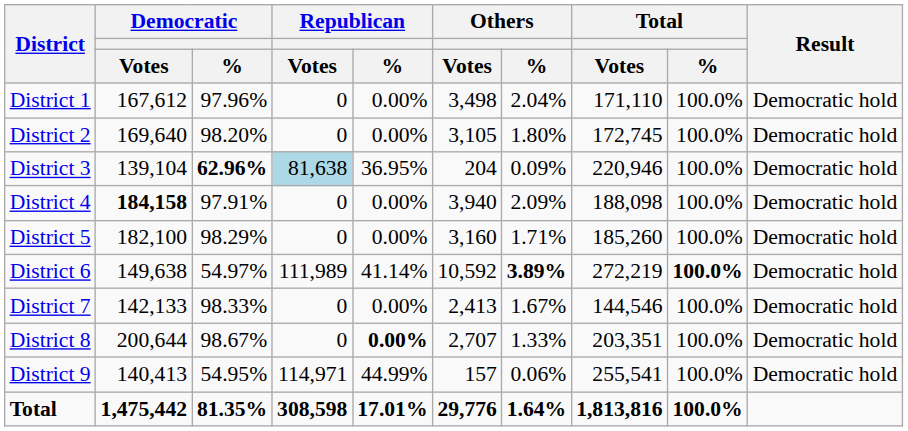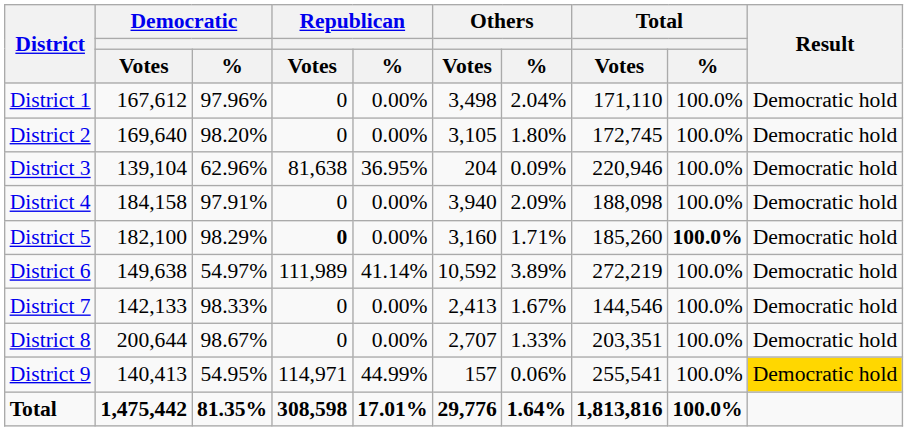 <table class="wikitable plainrowheaders sortable" style="font-size:100%; text-align:right;">
 <tr>
 <th scope=col rowspan=3><a href='#'>District</a></th>
 <th scope=col colspan=2><a href='#'>Democratic</a></th>
 <th scope=col colspan=2><a href='#'>Republican</a></th>
 <th scope=col colspan=2>Others</th>
 <th scope=col colspan=2>Total</th>
 <th scope=col rowspan=3>Result</th>
 </tr>
 <tr>
 <th scope=col colspan=2 style="background:"></th>
 <th scope=col colspan=2 style="background:"></th>
 <th scope=col colspan=2></th>
 <th scope=col colspan=2></th>
 </tr>
 <tr>
 <th scope=col data-sort-type="number">Votes</th>
 <th scope=col data-sort-type="number">%</th>
 <th scope=col data-sort-type="number">Votes</th>
 <th scope=col data-sort-type="number">%</th>
 <th scope=col data-sort-type="number">Votes</th>
 <th scope=col data-sort-type="number">%</th>
 <th scope=col data-sort-type="number">Votes</th>
 <th scope=col data-sort-type="number">%</th>
 </tr>
 <tr>
 <td align=left><a href='#'>District 1</a></td>
 <td>167,612</td>
 <td>97.96%</td>
 <td>0</td>
 <td>0.00%</td>
 <td>3,498</td>
 <td>2.04%</td>
 <td>171,110</td>
 <td>100.0%</td>
 <td align=left>Democratic hold</td>
 </tr>
 <tr>
 <td align=left><a href='#'>District 2</a></td>
 <td>169,640</td>
 <td>98.20%</td>
 <td>0</td>
 <td>0.00%</td>
 <td>3,105</td>
 <td>1.80%</td>
 <td>172,745</td>
 <td>100.0%</td>
 <td align=left>Democratic hold</td>
 </tr>
 <tr>
 <td align=left><a href='#'>District 3</a></td>
 <td>139,104</td>
-<td><strong>62.96%</strong></td>
-<td style="background: lightblue;">81,638</td>
+<td>62.96%</td>
+<td>81,638</td>
 <td>36.95%</td>
 <td>204</td>
 <td>0.09%</td>
 <td>220,946</td>
 <td>100.0%</td>
 <td align=left>Democratic hold</td>
 </tr>
 <tr>
 <td align=left><a href='#'>District 4</a></td>
-<td><strong>184,158</strong></td>
+<td>184,158</td>
 <td>97.91%</td>
 <td>0</td>
 <td>0.00%</td>
 <td>3,940</td>
 <td>2.09%</td>
 <td>188,098</td>
 <td>100.0%</td>
 <td align=left>Democratic hold</td>
 </tr>
 <tr>
 <td align=left><a href='#'>District 5</a></td>
 <td>182,100</td>
 <td>98.29%</td>
-<td>0</td>
+<td><strong>0</strong></td>
 <td>0.00%</td>
 <td>3,160</td>
 <td>1.71%</td>
 <td>185,260</td>
-<td>100.0%</td>
+<td><strong>100.0%</strong></td>
 <td align=left>Democratic hold</td>
 </tr>
 <tr>
 <td align=left><a href='#'>District 6</a></td>
 <td>149,638</td>
 <td>54.97%</td>
 <td>111,989</td>
 <td>41.14%</td>
 <td>10,592</td>
-<td><strong>3.89%</strong></td>
+<td>3.89%</td>
 <td>272,219</td>
-<td><strong>100.0%</strong></td>
+<td>100.0%</td>
 <td align=left>Democratic hold</td>
 </tr>
 <tr>
 <td align=left><a href='#'>District 7</a></td>
 <td>142,133</td>
 <td>98.33%</td>
 <td>0</td>
 <td>0.00%</td>
 <td>2,413</td>
 <td>1.67%</td>
 <td>144,546</td>
 <td>100.0%</td>
 <td align=left>Democratic hold</td>
 </tr>
 <tr>
 <td align=left><a href='#'>District 8</a></td>
 <td>200,644</td>
 <td>98.67%</td>
 <td>0</td>
-<td><strong>0.00%</strong></td>
+<td>0.00%</td>
 <td>2,707</td>
 <td>1.33%</td>
 <td>203,351</td>
 <td>100.0%</td>
 <td align=left>Democratic hold</td>
 </tr>
 <tr>
 <td align=left><a href='#'>District 9</a></td>
 <td>140,413</td>
 <td>54.95%</td>
 <td>114,971</td>
 <td>44.99%</td>
 <td>157</td>
 <td>0.06%</td>
 <td>255,541</td>
 <td>100.0%</td>
-<td align=left>Democratic hold</td>
+<td align=left style="background: gold;">Democratic hold</td>
 </tr>
 <tr class="sortbottom" style="font-weight:bold">
 <td align=left>Total</td>
 <td>1,475,442</td>
 <td>81.35%</td>
 <td>308,598</td>
 <td>17.01%</td>
 <td>29,776</td>
 <td>1.64%</td>
 <td>1,813,816</td>
 <td>100.0%</td>
 <td></td>
 </tr>
 </table>
